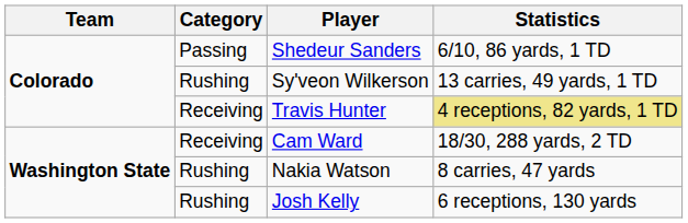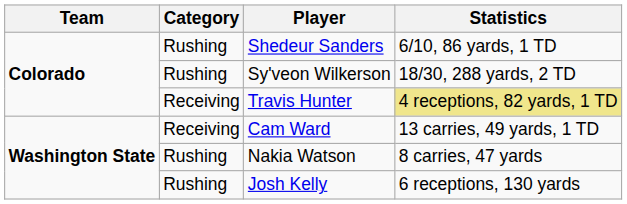 <table class="wikitable" style="float: right;">
 <tr>
 <th>Team</th>
 <th>Category</th>
 <th>Player</th>
 <th>Statistics</th>
 </tr>
 <tr>
 <td rowspan=3><strong>Colorado</strong></td>
-<td>Passing</td>
+<td>Rushing</td>
 <td><a href='#'>Shedeur Sanders</a></td>
 <td>6/10, 86 yards, 1 TD</td>
 </tr>
 <tr>
 <td>Rushing</td>
 <td>Sy'veon Wilkerson</td>
-<td>13 carries, 49 yards, 1 TD</td>
+<td>18/30, 288 yards, 2 TD</td>
 </tr>
 <tr>
 <td>Receiving</td>
 <td><a href='#'>Travis Hunter</a></td>
 <td style="background: khaki;">4 receptions, 82 yards, 1 TD</td>
 </tr>
 <tr>
 <td rowspan=3><strong>Washington State</strong></td>
 <td>Receiving</td>
 <td><a href='#'>Cam Ward</a></td>
-<td>18/30, 288 yards, 2 TD</td>
+<td>13 carries, 49 yards, 1 TD</td>
 </tr>
 <tr>
 <td>Rushing</td>
 <td>Nakia Watson</td>
 <td>8 carries, 47 yards</td>
 </tr>
 <tr>
 <td>Rushing</td>
 <td><a href='#'>Josh Kelly</a></td>
 <td>6 receptions, 130 yards</td>
 </tr>
 </table>
